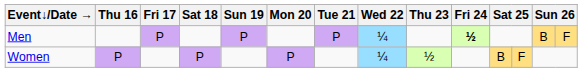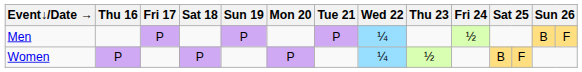 <table class="wikitable" style="margin:0.5em auto; font-size:90%; line-height:1.25em;">
 <tr style="text-align:center;">
 <th>Event↓/Date →</th>
 <th>Thu 16</th>
 <th>Fri 17</th>
 <th>Sat 18</th>
 <th>Sun 19</th>
 <th>Mon 20</th>
 <th>Tue 21</th>
 <th>Wed 22</th>
 <th>Thu 23</th>
 <th>Fri 24</th>
 <th colspan=2>Sat 25</th>
 <th colspan=2>Sun 26</th>
 </tr>
 <tr style="text-align:center;">
 <td style="text-align:left;"><a href='#'>Men</a></td>
 <td></td>
 <td style="background-color:#D0A9F5;">P</td>
 <td></td>
 <td style="background-color:#D0A9F5;">P</td>
 <td></td>
 <td style="background-color:#D0A9F5;">P</td>
 <td style="background-color:#97DEFF;">¼</td>
 <td></td>
-<td style="background-color:#D9FFB2;"><strong>½</strong></td>
+<td style="background-color:#D9FFB2;">½</td>
 <td colspan=2></td>
 <td style="background-color:#FFDF80;">B</td>
 <td style="background-color:#FFDF80;">F</td>
 </tr>
 <tr style="text-align:center;">
 <td style="text-align:left;"><a href='#'>Women</a></td>
 <td style="background-color:#D0A9F5;">P</td>
 <td></td>
 <td style="background-color:#D0A9F5;">P</td>
 <td></td>
 <td style="background-color:#D0A9F5;">P</td>
 <td></td>
 <td style="background-color:#97DEFF;">¼</td>
 <td style="background-color:#D9FFB2;">½</td>
 <td></td>
 <td style="background-color:#FFDF80;">B</td>
 <td style="background-color:#FFDF80;">F</td>
 <td colspan=2></td>
 </tr>
 </table>
